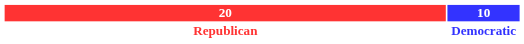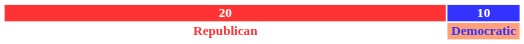 <table style="width:50%">
 <tr>
 <td scope="row" colspan="3" style="text-align:center"></td>
 </tr>
 <tr>
 <td scope="row" style="background:#F33; width:86%; text-align:center; color:white"><strong>20</strong></td>
 <td style="background:#33F; width:14%; text-align:center; color:white"><strong>10</strong></td>
 </tr>
 <tr>
 <td scope="row" style="text-align:center; color:#F33"><strong>Republican</strong></td>
-<td style="text-align:center; color:#33F"><strong>Democratic</strong></td>
+<td style="background: lightsalmon; text-align:center; color:#33F"><strong>Democratic</strong></td>
 </tr>
 </table>
